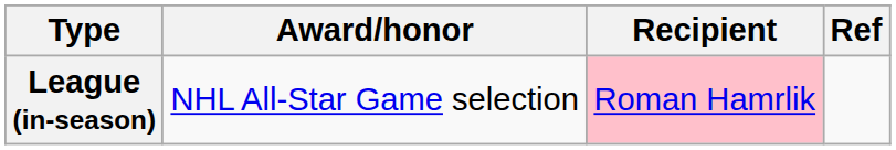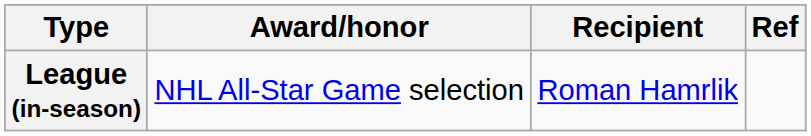 <table class="wikitable">
 <tr>
 <th scope="col">Type</th>
 <th scope="col">Award/honor</th>
 <th scope="col">Recipient</th>
 <th scope="col">Ref</th>
 </tr>
 <tr>
 <th scope="row">League<br><small>(in-season)</small></th>
 <td><a href='#'>NHL All-Star Game</a> selection</td>
-<td style="background: pink;"><a href='#'>Roman Hamrlik</a></td>
+<td><a href='#'>Roman Hamrlik</a></td>
 <td></td>
 </tr>
 </table>
